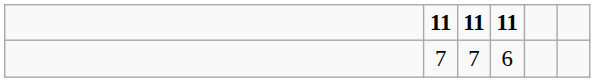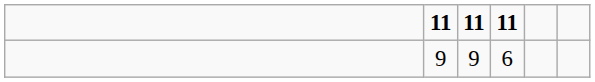 <table class="wikitable">
 <tr>
 <td style="width:18em"></td>
 <td align=center style="width:1em"><strong>11</strong></td>
 <td align=center style="width:1em"><strong>11</strong></td>
 <td align=center style="width:1em"><strong>11</strong></td>
 <td align=center style="width:1em"></td>
 <td align=center style="width:1em"></td>
 </tr>
 <tr>
 <td style="width:18em"></td>
-<td align=center style="width:1em">7</td>
-<td align=center style="width:1em">7</td>
+<td align=center style="width:1em">9</td>
+<td align=center style="width:1em">9</td>
 <td align=center style="width:1em">6</td>
 <td align=center style="width:1em"></td>
 <td align=center style="width:1em"></td>
 </tr>
 </table>
